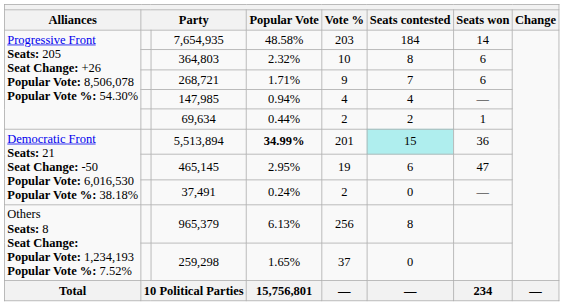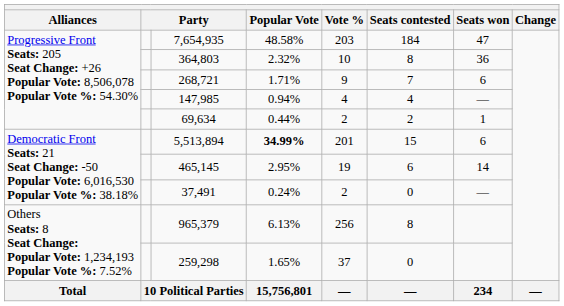 <table class="wikitable">
 <tr>
 <th colspan=10></th>
 </tr>
 <tr>
 <th>Alliances</th>
 <th colspan="2">Party</th>
 <th>Popular Vote</th>
 <th>Vote %</th>
 <th>Seats contested</th>
 <th>Seats won</th>
 <th>Change</th>
 </tr>
 <tr>
 <td align=left rowspan=5 valign=top><a href='#'>Progressive Front</a><br><strong>Seats:</strong> 205<br><strong>Seat Change: </strong>+26<br><strong>Popular Vote:</strong> 8,506,078 <br><strong>Popular Vote %:</strong> 54.30%</td>
 <td></td>
 <td align=center>7,654,935</td>
 <td align=center>48.58%</td>
 <td align=center>203</td>
 <td align=center>184</td>
-<td align=center>14</td>
+<td align=center>47</td>
 </tr>
 <tr>
 <td></td>
 <td align=center>364,803</td>
 <td align=center>2.32%</td>
 <td align=center>10</td>
 <td align=center>8</td>
-<td align=center>6</td>
+<td align=center>36</td>
 </tr>
 <tr>
 <td></td>
 <td align=center>268,721</td>
 <td align=center>1.71%</td>
 <td align=center>9</td>
 <td align=center>7</td>
 <td align=center>6</td>
 </tr>
 <tr>
 <td></td>
 <td align=center>147,985</td>
 <td align=center>0.94%</td>
 <td align=center>4</td>
 <td align=center>4</td>
 <td align=center>—</td>
 </tr>
 <tr>
 <td></td>
 <td align=center>69,634</td>
 <td align=center>0.44%</td>
 <td align=center>2</td>
 <td align=center>2</td>
 <td align=center>1</td>
 </tr>
 <tr>
 <td align=left rowspan=3 valign=top><a href='#'>Democratic Front</a><br><strong>Seats: </strong> 21  <br><strong>Seat Change: </strong>-50 <br><strong>Popular Vote:</strong> 6,016,530<br><strong>Popular Vote %:</strong> 38.18%</td>
 <td></td>
 <td align=center>5,513,894</td>
 <td align=center><strong>34.99%</strong></td>
 <td align=center>201</td>
-<td align=center style="background: paleturquoise;">15</td>
-<td align=center>36</td>
+<td align=center>15</td>
+<td align=center>6</td>
 </tr>
 <tr>
 <td></td>
 <td align=center>465,145</td>
 <td align=center>2.95%</td>
 <td align=center>19</td>
 <td align=center>6</td>
-<td align=center>47</td>
+<td align=center>14</td>
 </tr>
 <tr>
 <td></td>
 <td align=center>37,491</td>
 <td align=center>0.24%</td>
 <td align=center>2</td>
 <td align=center>0</td>
 <td align=center>—</td>
 </tr>
 <tr>
 <td align=left rowspan=2 valign=top>Others<br><strong>Seats:</strong> 8 <br><strong>Seat Change: </strong><br> <strong>Popular Vote:</strong> 1,234,193<br><strong>Popular Vote %:</strong> 7.52%</td>
 <td></td>
 <td align=center>965,379</td>
 <td align=center>6.13%</td>
 <td align=center>256</td>
 <td align=center>8</td>
 <td align=center></td>
 </tr>
 <tr>
 <td></td>
 <td align=center>259,298</td>
 <td align=center>1.65%</td>
 <td align=center>37</td>
 <td align=center>0</td>
 <td align=center></td>
 </tr>
 <tr>
 <th>Total</th>
 <th colspan="2">10 Political Parties</th>
 <th>15,756,801</th>
 <th>—</th>
 <th>—</th>
 <th>234</th>
 <th>—</th>
 </tr>
 </table>
